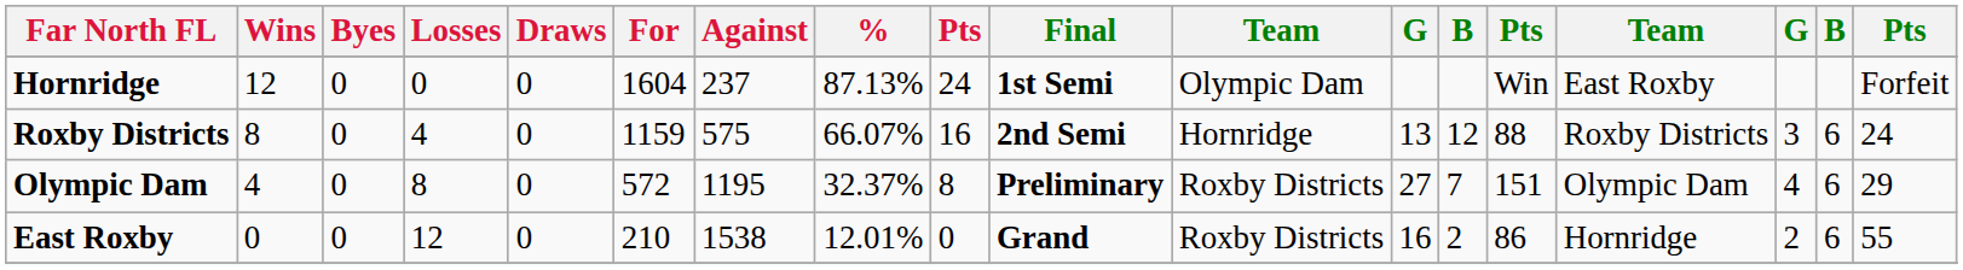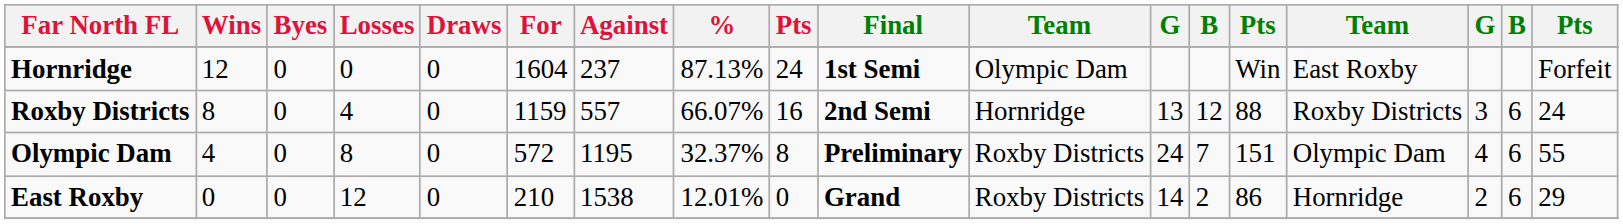 <table class="wikitable">
 <tr>
 <th style="color:crimson">Far North FL</th>
 <th style="color:crimson">Wins</th>
 <th style="color:crimson">Byes</th>
 <th style="color:crimson">Losses</th>
 <th style="color:crimson">Draws</th>
 <th style="color:crimson">For</th>
 <th style="color:crimson">Against</th>
 <th style="color:crimson">%</th>
 <th style="color:crimson">Pts</th>
 <th style="color:green">Final</th>
 <th style="color:green">Team</th>
 <th style="color:green">G</th>
 <th style="color:green">B</th>
 <th style="color:green">Pts</th>
 <th style="color:green">Team</th>
 <th style="color:green">G</th>
 <th style="color:green">B</th>
 <th style="color:green">Pts</th>
 </tr>
 <tr>
 </tr>
 <tr>
 </tr>
 <tr>
 <td><strong>	Hornridge	</strong></td>
 <td>12</td>
 <td>0</td>
 <td>0</td>
 <td>0</td>
 <td>1604</td>
 <td>237</td>
 <td>87.13%</td>
 <td>24</td>
 <td><strong>1st Semi</strong></td>
 <td>Olympic Dam</td>
 <td></td>
 <td></td>
 <td>Win</td>
 <td>East Roxby</td>
 <td></td>
 <td></td>
 <td>Forfeit</td>
 </tr>
 <tr>
 <td><strong>	Roxby Districts	</strong></td>
 <td>8</td>
 <td>0</td>
 <td>4</td>
 <td>0</td>
 <td>1159</td>
-<td>575</td>
+<td>557</td>
 <td>66.07%</td>
 <td>16</td>
 <td><strong>2nd Semi</strong></td>
 <td>Hornridge</td>
 <td>13</td>
 <td>12</td>
 <td>88</td>
 <td>Roxby Districts</td>
 <td>3</td>
 <td>6</td>
 <td>24</td>
 </tr>
 <tr>
 <td><strong>	Olympic Dam	</strong></td>
 <td>4</td>
 <td>0</td>
 <td>8</td>
 <td>0</td>
 <td>572</td>
 <td>1195</td>
 <td>32.37%</td>
 <td>8</td>
 <td><strong>Preliminary</strong></td>
 <td>Roxby Districts</td>
-<td>27</td>
+<td>24</td>
 <td>7</td>
 <td>151</td>
 <td>Olympic Dam</td>
 <td>4</td>
 <td>6</td>
-<td>29</td>
+<td>55</td>
 </tr>
 <tr>
 <td><strong>	East Roxby	</strong></td>
 <td>0</td>
 <td>0</td>
 <td>12</td>
 <td>0</td>
 <td>210</td>
 <td>1538</td>
 <td>12.01%</td>
 <td>0</td>
 <td><strong>Grand</strong></td>
 <td>Roxby Districts</td>
-<td>16</td>
+<td>14</td>
 <td>2</td>
 <td>86</td>
 <td>Hornridge</td>
 <td>2</td>
 <td>6</td>
-<td>55</td>
+<td>29</td>
 </tr>
 <tr>
 </tr>
 <tr>
 </tr>
 </table>
